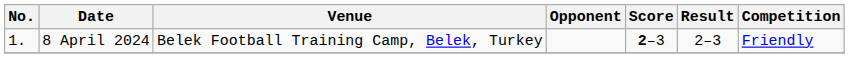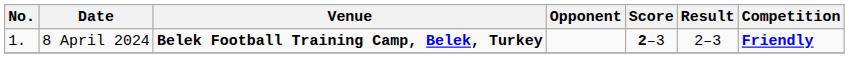 <table class="wikitable">
 <tr>
 <th>No.</th>
 <th>Date</th>
 <th>Venue</th>
 <th>Opponent</th>
 <th>Score</th>
 <th>Result</th>
 <th>Competition</th>
 </tr>
 <tr>
 <td>1.</td>
 <td>8 April 2024</td>
-<td>Belek Football Training Camp, <a href='#'>Belek</a>, Turkey</td>
+<td><strong>Belek Football Training Camp, <a href='#'>Belek</a>, Turkey</strong></td>
 <td></td>
 <td align=center><strong>2</strong>–3</td>
 <td align=center>2–3</td>
-<td><a href='#'>Friendly</a></td>
+<td><strong><a href='#'>Friendly</a></strong></td>
 </tr>
 <tr>
 </tr>
 </table>
